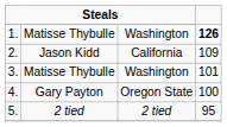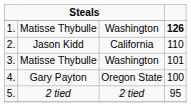 <table class="wikitable" style="display: inline-table;">
 <tr>
 <td align="center" Colspan="3"><strong>Steals</strong></td>
 </tr>
 <tr align="center">
 </tr>
 <tr align="center">
 <td>1.</td>
 <td>Matisse Thybulle</td>
 <td>Washington</td>
 <td><strong>126</strong></td>
 </tr>
 <tr align="center">
 <td>2.</td>
 <td>Jason Kidd</td>
 <td>California</td>
-<td>109</td>
+<td>110</td>
 </tr>
 <tr align="center">
 <td>3.</td>
 <td>Matisse Thybulle</td>
 <td>Washington</td>
 <td>101</td>
 </tr>
 <tr align="center">
 <td>4.</td>
 <td>Gary Payton</td>
 <td>Oregon State</td>
 <td>100</td>
 </tr>
 <tr align="center">
 <td>5.</td>
 <td><em>2 tied</em></td>
 <td><em>2 tied</em></td>
 <td>95</td>
 </tr>
 <tr align="center">
 </tr>
 <tr>
 </tr>
 </table>
